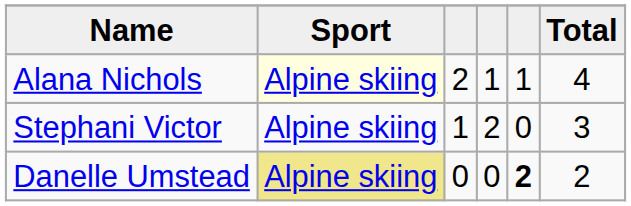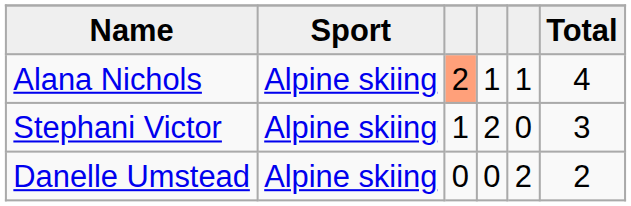 <table class="wikitable sortable" style="font-size:95%" align="right">
 <tr bgcolor="#efefef">
 </tr>
 <tr align="center" bgcolor="#efefef">
 <td><strong>Name</strong></td>
 <td><strong>Sport</strong></td>
 <td class="unsortable"></td>
 <td class="unsortable"></td>
 <td class="unsortable"></td>
 <td><strong>Total</strong></td>
 </tr>
 <tr align="center">
 <td align="left"><a href='#'>Alana Nichols</a></td>
-<td style="background: lightyellow;"><a href='#'>Alpine skiing</a></td>
-<td>2</td>
+<td><a href='#'>Alpine skiing</a></td>
+<td style="background: lightsalmon;">2</td>
 <td>1</td>
 <td>1</td>
 <td>4</td>
 </tr>
 <tr align="center">
 <td align="left"><a href='#'>Stephani Victor</a></td>
 <td><a href='#'>Alpine skiing</a></td>
 <td>1</td>
 <td>2</td>
 <td>0</td>
 <td>3</td>
 </tr>
 <tr align="center">
 <td align="left"><a href='#'>Danelle Umstead</a></td>
-<td style="background: khaki;"><a href='#'>Alpine skiing</a></td>
+<td><a href='#'>Alpine skiing</a></td>
 <td>0</td>
 <td>0</td>
-<td><strong>2</strong></td>
+<td>2</td>
 <td>2</td>
 </tr>
 </table>
